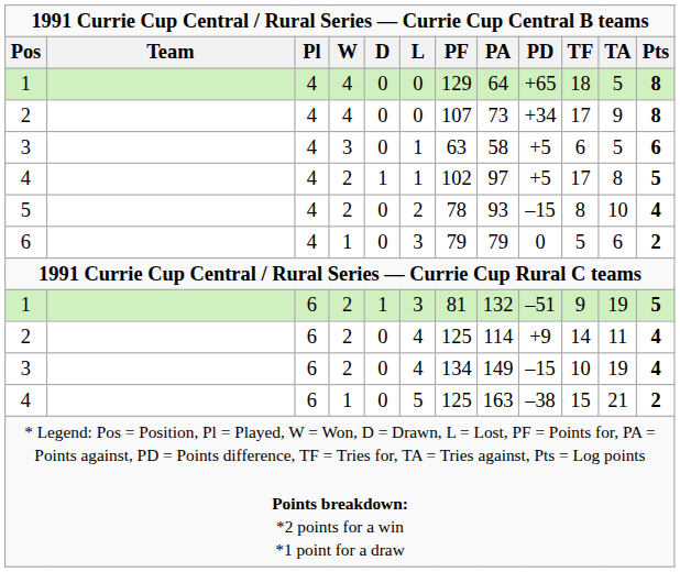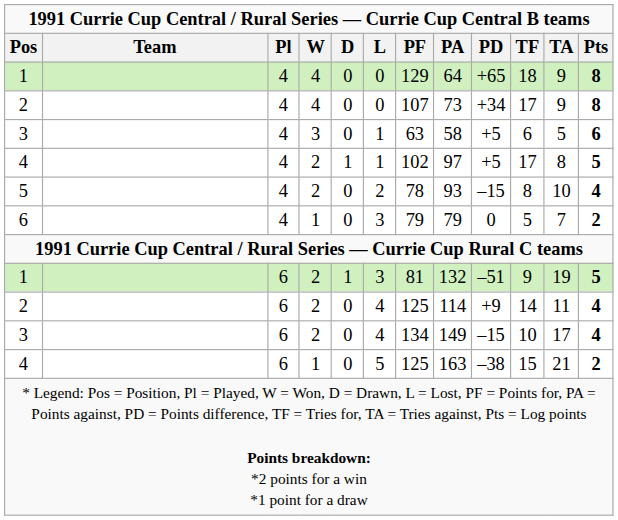 <table class="wikitable" style="text-align:center; line-height:110%; font-size:100%; width:60%;">
 <tr>
 <td colspan="12" cellpadding="0" cellspacing="0"><strong>1991 Currie Cup Central / Rural Series — Currie Cup Central B teams</strong></td>
 </tr>
 <tr>
 <th style="width:5%;">Pos</th>
 <th style="width:35%;">Team</th>
 <th style="width:5%;">Pl</th>
 <th style="width:5%;">W</th>
 <th style="width:5%;">D</th>
 <th style="width:5%;">L</th>
 <th style="width:5%;">PF</th>
 <th style="width:5%;">PA</th>
 <th style="width:5%;">PD</th>
 <th style="width:5%;">TF</th>
 <th style="width:5%;">TA</th>
 <th style="width:5%;">Pts<br></th>
 </tr>
 <tr bgcolor=#D0F0C0 align=center>
 <td>1</td>
 <td align=left></td>
 <td>4</td>
 <td>4</td>
 <td>0</td>
 <td>0</td>
 <td>129</td>
 <td>64</td>
 <td>+65</td>
 <td>18</td>
-<td>5</td>
+<td>9</td>
 <td><strong>8</strong></td>
 </tr>
 <tr bgcolor=#FFFFFF align=center>
 <td>2</td>
 <td align=left></td>
 <td>4</td>
 <td>4</td>
 <td>0</td>
 <td>0</td>
 <td>107</td>
 <td>73</td>
 <td>+34</td>
 <td>17</td>
 <td>9</td>
 <td><strong>8</strong></td>
 </tr>
 <tr bgcolor=#FFFFFF align=center>
 <td>3</td>
 <td align=left></td>
 <td>4</td>
 <td>3</td>
 <td>0</td>
 <td>1</td>
 <td>63</td>
 <td>58</td>
 <td>+5</td>
 <td>6</td>
 <td>5</td>
 <td><strong>6</strong></td>
 </tr>
 <tr bgcolor=#FFFFFF align=center>
 <td>4</td>
 <td align=left></td>
 <td>4</td>
 <td>2</td>
 <td>1</td>
 <td>1</td>
 <td>102</td>
 <td>97</td>
 <td>+5</td>
 <td>17</td>
 <td>8</td>
 <td><strong>5</strong></td>
 </tr>
 <tr bgcolor=#FFFFFF align=center>
 <td>5</td>
 <td align=left></td>
 <td>4</td>
 <td>2</td>
 <td>0</td>
 <td>2</td>
 <td>78</td>
 <td>93</td>
 <td>–15</td>
 <td>8</td>
 <td>10</td>
 <td><strong>4</strong></td>
 </tr>
 <tr bgcolor=#FFFFFF align=center>
 <td>6</td>
 <td align=left></td>
 <td>4</td>
 <td>1</td>
 <td>0</td>
 <td>3</td>
 <td>79</td>
 <td>79</td>
 <td>0</td>
 <td>5</td>
-<td>6</td>
+<td>7</td>
 <td><strong>2</strong></td>
 </tr>
 <tr>
 <td colspan="12" cellpadding="0" cellspacing="0"><strong>1991 Currie Cup Central / Rural Series — Currie Cup Rural C teams</strong></td>
 </tr>
 <tr bgcolor=#D0F0C0 align=center>
 <td>1</td>
 <td align=left></td>
 <td>6</td>
 <td>2</td>
 <td>1</td>
 <td>3</td>
 <td>81</td>
 <td>132</td>
 <td>–51</td>
 <td>9</td>
 <td>19</td>
 <td><strong>5</strong></td>
 </tr>
 <tr bgcolor=#FFFFFF align=center>
 <td>2</td>
 <td align=left></td>
 <td>6</td>
 <td>2</td>
 <td>0</td>
 <td>4</td>
 <td>125</td>
 <td>114</td>
 <td>+9</td>
 <td>14</td>
 <td>11</td>
 <td><strong>4</strong></td>
 </tr>
 <tr bgcolor=#FFFFFF align=center>
 <td>3</td>
 <td align=left></td>
 <td>6</td>
 <td>2</td>
 <td>0</td>
 <td>4</td>
 <td>134</td>
 <td>149</td>
 <td>–15</td>
 <td>10</td>
-<td>19</td>
+<td>17</td>
 <td><strong>4</strong></td>
 </tr>
 <tr bgcolor=#FFFFFF align=center>
 <td>4</td>
 <td align=left></td>
 <td>6</td>
 <td>1</td>
 <td>0</td>
 <td>5</td>
 <td>125</td>
 <td>163</td>
 <td>–38</td>
 <td>15</td>
 <td>21</td>
 <td><strong>2</strong></td>
 </tr>
 <tr>
 <td colspan="12" style="border:0px"><small>* Legend: Pos = Position, Pl = Played, W = Won, D = Drawn, L = Lost, PF = Points for, PA = Points against, PD = Points difference, TF = Tries for, TA = Tries against, Pts = Log points<br><br><strong>Points breakdown:</strong><br>*2 points for a win<br>*1 point for a draw</small></td>
 </tr>
 </table>
